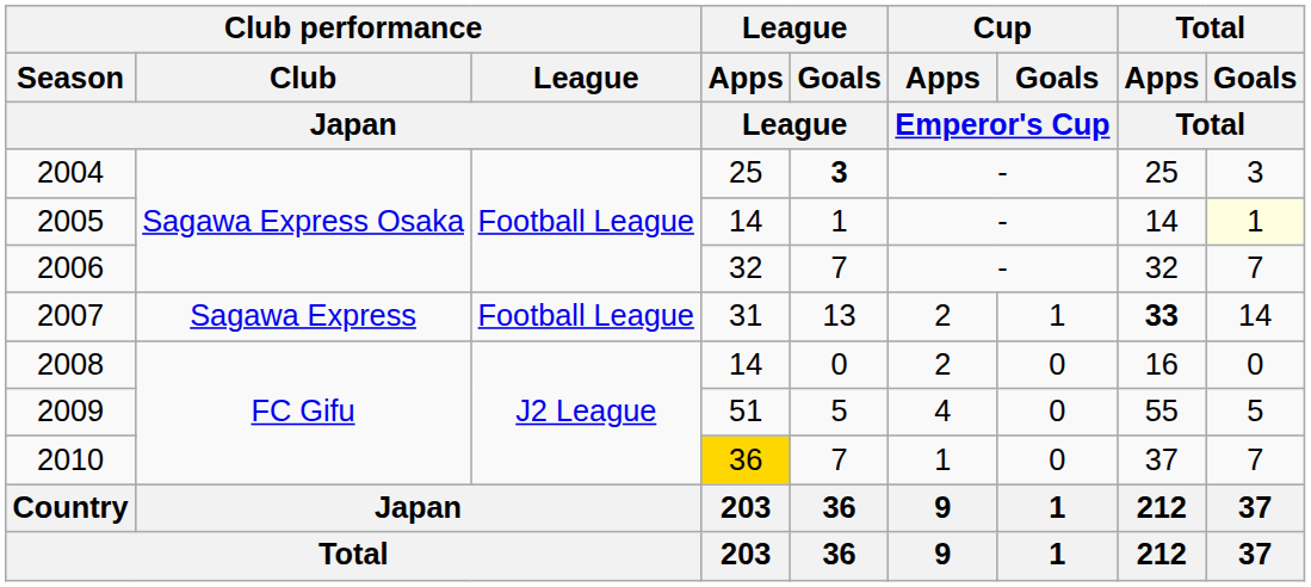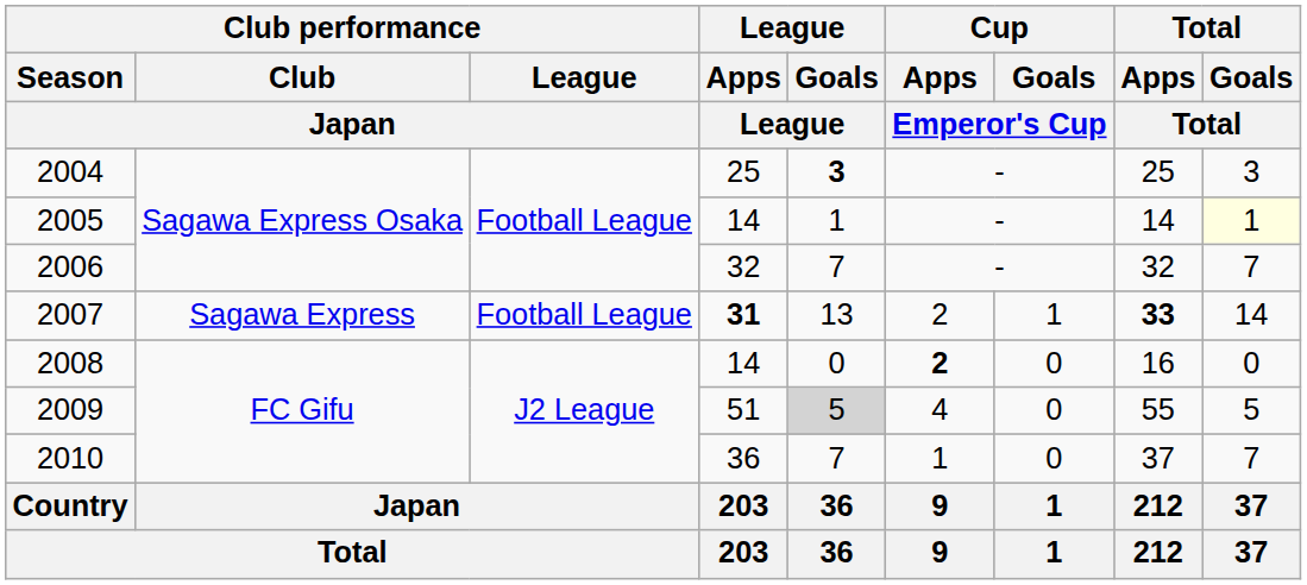 <table class="wikitable" style="text-align:center;">
 <tr>
 <th colspan=3>Club performance</th>
 <th colspan=2>League</th>
 <th colspan=2>Cup</th>
 <th colspan=2>Total</th>
 </tr>
 <tr>
 <th>Season</th>
 <th>Club</th>
 <th>League</th>
 <th>Apps</th>
 <th>Goals</th>
 <th>Apps</th>
 <th>Goals</th>
 <th>Apps</th>
 <th>Goals</th>
 </tr>
 <tr>
 <th colspan=3>Japan</th>
 <th colspan=2>League</th>
 <th colspan=2><a href='#'>Emperor's Cup</a></th>
 <th colspan=2>Total</th>
 </tr>
 <tr>
 <td>2004</td>
 <td rowspan="3"><a href='#'>Sagawa Express Osaka</a></td>
 <td rowspan="3"><a href='#'>Football League</a></td>
 <td>25</td>
 <td><strong>3</strong></td>
 <td colspan="2">-</td>
 <td>25</td>
 <td>3</td>
 </tr>
 <tr>
 <td>2005</td>
 <td>14</td>
 <td>1</td>
 <td colspan="2">-</td>
 <td>14</td>
 <td style="background: lightyellow;">1</td>
 </tr>
 <tr>
 <td>2006</td>
 <td>32</td>
 <td>7</td>
 <td colspan="2">-</td>
 <td>32</td>
 <td>7</td>
 </tr>
 <tr>
 <td>2007</td>
 <td><a href='#'>Sagawa Express</a></td>
 <td><a href='#'>Football League</a></td>
-<td>31</td>
+<td><strong>31</strong></td>
 <td>13</td>
 <td>2</td>
 <td>1</td>
 <td><strong>33</strong></td>
 <td>14</td>
 </tr>
 <tr>
 <td>2008</td>
 <td rowspan="3"><a href='#'>FC Gifu</a></td>
 <td rowspan="3"><a href='#'>J2 League</a></td>
 <td>14</td>
 <td>0</td>
-<td>2</td>
+<td><strong>2</strong></td>
 <td>0</td>
 <td>16</td>
 <td>0</td>
 </tr>
 <tr>
 <td>2009</td>
 <td>51</td>
-<td>5</td>
+<td style="background: lightgrey;">5</td>
 <td>4</td>
 <td>0</td>
 <td>55</td>
 <td>5</td>
 </tr>
 <tr>
 <td>2010</td>
-<td style="background: gold;">36</td>
+<td>36</td>
 <td>7</td>
 <td>1</td>
 <td>0</td>
 <td>37</td>
 <td>7</td>
 </tr>
 <tr>
 <th rowspan=1>Country</th>
 <th colspan=2>Japan</th>
 <th>203</th>
 <th>36</th>
 <th>9</th>
 <th>1</th>
 <th>212</th>
 <th>37</th>
 </tr>
 <tr>
 <th colspan=3>Total</th>
 <th>203</th>
 <th>36</th>
 <th>9</th>
 <th>1</th>
 <th>212</th>
 <th>37</th>
 </tr>
 </table>
